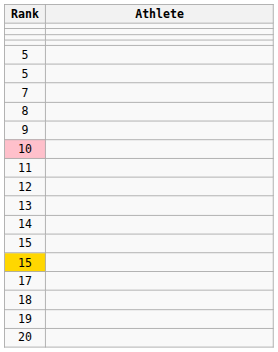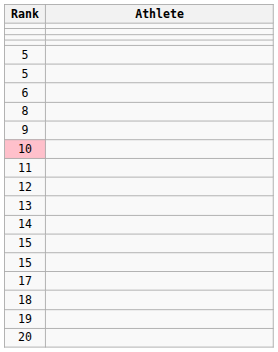 <table class="wikitable" style="text-align: center;">
 <tr>
 <th width=40>Rank</th>
 <th width=250>Athlete</th>
 </tr>
 <tr>
 <td></td>
 <td align="left"></td>
 </tr>
 <tr>
 <td></td>
 <td align="left"></td>
 </tr>
 <tr>
 <td></td>
 <td align="left"></td>
 </tr>
 <tr>
 <td></td>
 <td align="left"></td>
 </tr>
 <tr>
 <td>5</td>
 <td align="left"></td>
 </tr>
 <tr>
 <td>5</td>
 <td align="left"></td>
 </tr>
 <tr>
-<td>7</td>
+<td>6</td>
 <td align="left"></td>
 </tr>
 <tr>
 <td>8</td>
 <td align="left"></td>
 </tr>
 <tr>
 <td>9</td>
 <td align="left"></td>
 </tr>
 <tr>
 <td style="background: pink;">10</td>
 <td align="left"></td>
 </tr>
 <tr>
 <td>11</td>
 <td align="left"></td>
 </tr>
 <tr>
 <td>12</td>
 <td align="left"></td>
 </tr>
 <tr>
 <td>13</td>
 <td align="left"></td>
 </tr>
 <tr>
 <td>14</td>
 <td align="left"></td>
 </tr>
 <tr>
 <td>15</td>
 <td align="left"></td>
 </tr>
 <tr>
-<td style="background: gold;">15</td>
+<td>15</td>
 <td align="left"></td>
 </tr>
 <tr>
 <td>17</td>
 <td align="left"></td>
 </tr>
 <tr>
 <td>18</td>
 <td align="left"></td>
 </tr>
 <tr>
 <td>19</td>
 <td align="left"></td>
 </tr>
 <tr>
 <td>20</td>
 <td align="left"></td>
 </tr>
 </table>
